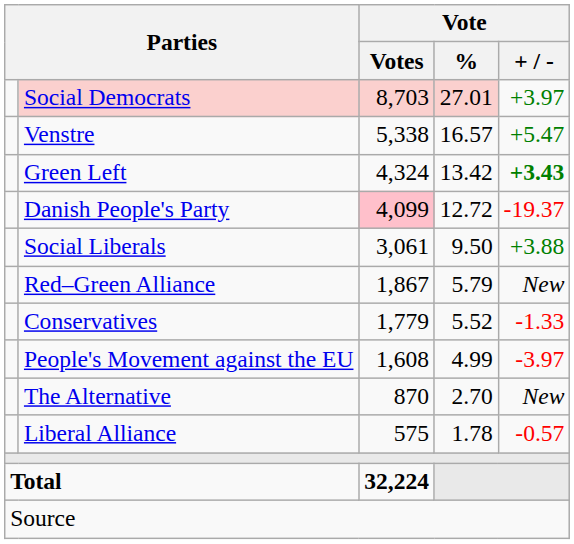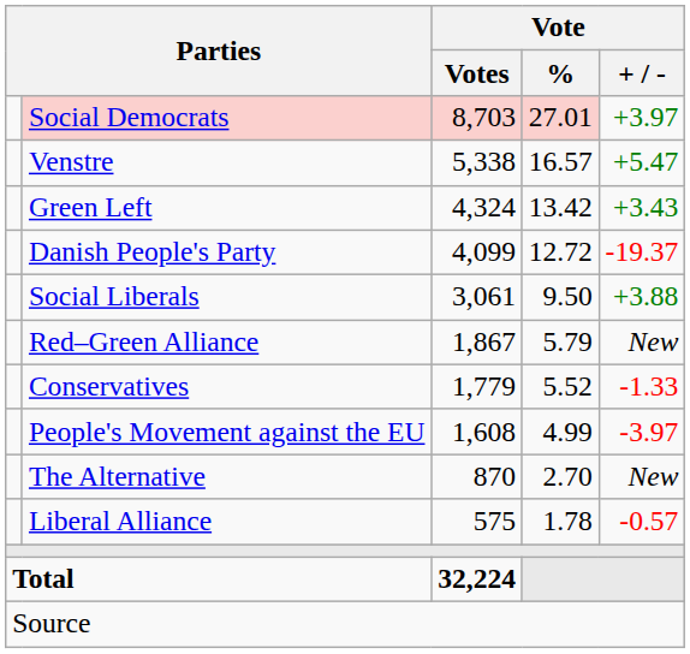 <table class="wikitable" style="text-align:right;">
 <tr>
 <th style="text-align:centre;" rowspan="2" colspan="2" width="225">Parties</th>
 <th colspan="3">Vote</th>
 </tr>
 <tr>
 <th width="15">Votes</th>
 <th width="15">%</th>
 <th width="15">+ / -</th>
 </tr>
 <tr>
 <td width="2" style="color:inherit;background:"></td>
 <td bgcolor=#fbd0ce   align="left"><a href='#'>Social Democrats</a></td>
 <td bgcolor=#fbd0ce>8,703</td>
 <td bgcolor=#fbd0ce>27.01</td>
 <td style=color:green;>+3.97</td>
 </tr>
 <tr>
 <td width="2" style="color:inherit;background:"></td>
 <td align="left"><a href='#'>Venstre</a></td>
 <td>5,338</td>
 <td>16.57</td>
 <td style=color:green;>+5.47</td>
 </tr>
 <tr>
 <td width="2" style="color:inherit;background:"></td>
 <td align="left"><a href='#'>Green Left</a></td>
 <td>4,324</td>
 <td>13.42</td>
-<td style=color:green;><strong>+3.43</strong></td>
+<td style=color:green;>+3.43</td>
 </tr>
 <tr>
 <td width="2" style="color:inherit;background:"></td>
 <td align="left"><a href='#'>Danish People's Party</a></td>
-<td style="background: pink;">4,099</td>
+<td>4,099</td>
 <td>12.72</td>
 <td style=color:red;>-19.37</td>
 </tr>
 <tr>
 <td width="2" style="color:inherit;background:"></td>
 <td align="left"><a href='#'>Social Liberals</a></td>
 <td>3,061</td>
 <td>9.50</td>
 <td style=color:green;>+3.88</td>
 </tr>
 <tr>
 <td width="2" style="color:inherit;background:"></td>
 <td align="left"><a href='#'>Red–Green Alliance</a></td>
 <td>1,867</td>
 <td>5.79</td>
 <td><em>New</em></td>
 </tr>
 <tr>
 <td width="2" style="color:inherit;background:"></td>
 <td align="left"><a href='#'>Conservatives</a></td>
 <td>1,779</td>
 <td>5.52</td>
 <td style=color:red;>-1.33</td>
 </tr>
 <tr>
 <td width="2" style="color:inherit;background:"></td>
 <td align="left"><a href='#'>People's Movement against the EU</a></td>
 <td>1,608</td>
 <td>4.99</td>
 <td style=color:red;>-3.97</td>
 </tr>
 <tr>
 <td width="2" style="color:inherit;background:"></td>
 <td align="left"><a href='#'>The Alternative</a></td>
 <td>870</td>
 <td>2.70</td>
 <td><em>New</em></td>
 </tr>
 <tr>
 <td width="2" style="color:inherit;background:"></td>
 <td align="left"><a href='#'>Liberal Alliance</a></td>
 <td>575</td>
 <td>1.78</td>
 <td style=color:red;>-0.57</td>
 </tr>
 <tr>
 <td colspan="7" bgcolor="#E9E9E9"></td>
 </tr>
 <tr>
 <td align="left" colspan="2"><strong>Total</strong></td>
 <td><strong>32,224</strong></td>
 <td bgcolor="#E9E9E9" colspan="2"></td>
 </tr>
 <tr>
 <td align="left" colspan="6">Source</td>
 </tr>
 </table>
